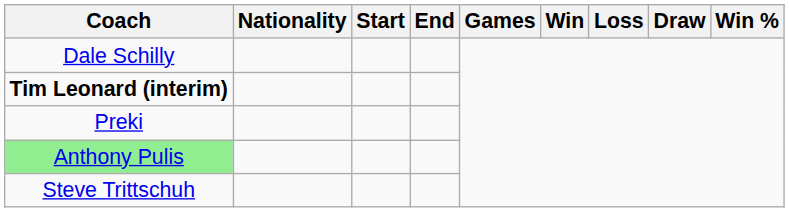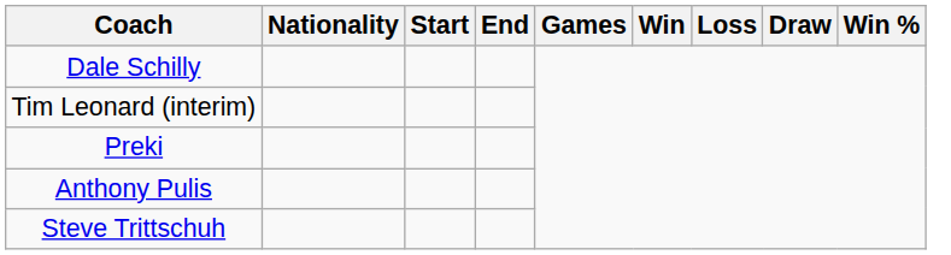 <table class="wikitable" style="text-align:center; margin-left: lem;">
 <tr>
 <th>Coach</th>
 <th>Nationality</th>
 <th>Start</th>
 <th>End</th>
 <th>Games</th>
 <th><strong>Win</strong></th>
 <th>Loss</th>
 <th>Draw</th>
 <th>Win %</th>
 </tr>
 <tr>
 <td><a href='#'>Dale Schilly</a></td>
 <td></td>
 <td></td>
 <td><br></td>
 </tr>
 <tr>
-<td><strong>Tim Leonard (interim)</strong></td>
+<td>Tim Leonard (interim)</td>
 <td></td>
 <td></td>
 <td><br></td>
 </tr>
 <tr>
 <td><a href='#'>Preki</a></td>
 <td></td>
 <td></td>
 <td><br></td>
 </tr>
 <tr>
-<td style="background: lightgreen;"><a href='#'>Anthony Pulis</a></td>
+<td><a href='#'>Anthony Pulis</a></td>
 <td></td>
 <td></td>
 <td><br></td>
 </tr>
 <tr>
 <td><a href='#'>Steve Trittschuh</a></td>
 <td></td>
 <td></td>
 <td><br></td>
 </tr>
 </table>
